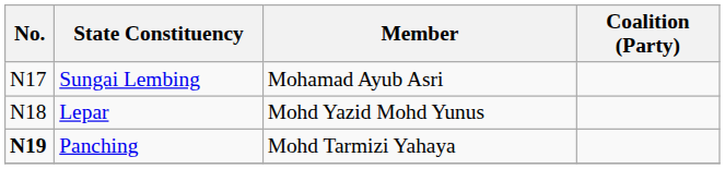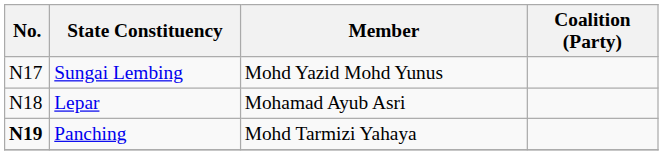 <table class="wikitable">
 <tr>
 <th width="30">No.</th>
 <th width="150">State Constituency</th>
 <th width="230">Member</th>
 <th width="100">Coalition (Party)</th>
 </tr>
 <tr>
 <td>N17</td>
 <td><a href='#'>Sungai Lembing</a></td>
-<td>Mohamad Ayub Asri</td>
+<td>Mohd Yazid Mohd Yunus</td>
 <td></td>
 </tr>
 <tr>
 <td>N18</td>
 <td><a href='#'>Lepar</a></td>
-<td>Mohd Yazid Mohd Yunus</td>
+<td>Mohamad Ayub Asri</td>
 <td></td>
 </tr>
 <tr>
 <td><strong>N19</strong></td>
 <td><a href='#'>Panching</a></td>
 <td>Mohd Tarmizi Yahaya</td>
 <td></td>
 </tr>
 <tr>
 </tr>
 </table>
